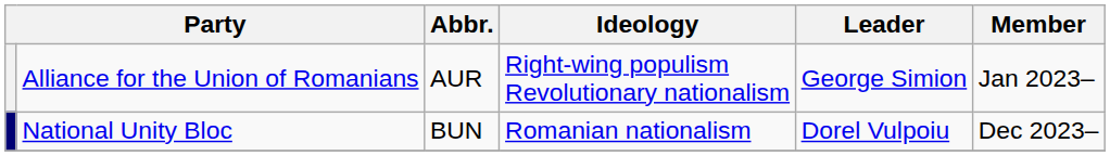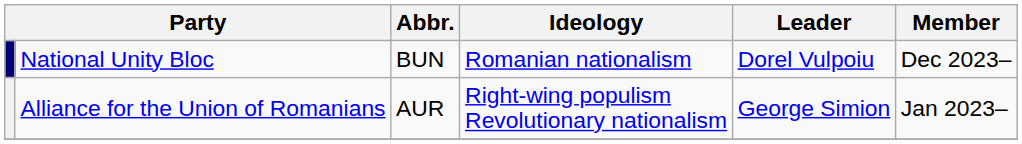 <table class="wikitable" style="text-align:left;">
 <tr>
 <th colspan=2>Party</th>
 <th>Abbr.</th>
 <th>Ideology</th>
 <th>Leader</th>
 <th>Member</th>
+</tr>
+<tr>
+<th style="background-color:#000074;"></th>
+<td><a href='#'>National Unity Bloc</a></td>
+<td>BUN</td>
+<td><a href='#'>Romanian nationalism</a></td>
+<td><a href='#'>Dorel Vulpoiu</a></td>
+<td>Dec 2023–</td>
 </tr>
 <tr>
 <th style="background-color:"></th>
 <td><a href='#'>Alliance for the Union of Romanians</a></td>
 <td>AUR</td>
 <td><a href='#'>Right-wing populism</a><br><a href='#'>Revolutionary nationalism</a></td>
 <td><a href='#'>George Simion</a></td>
 <td>Jan 2023–</td>
 </tr>
 <tr>
-<th style="background-color:#000074;"></th>
-<td><a href='#'>National Unity Bloc</a></td>
-<td>BUN</td>
-<td><a href='#'>Romanian nationalism</a></td>
-<td><a href='#'>Dorel Vulpoiu</a></td>
-<td>Dec 2023–</td>
-</tr>
-<tr>
 </tr>
 </table>
